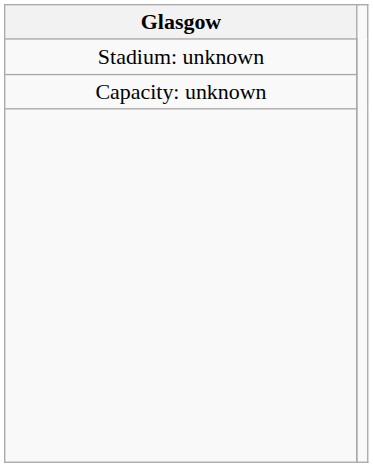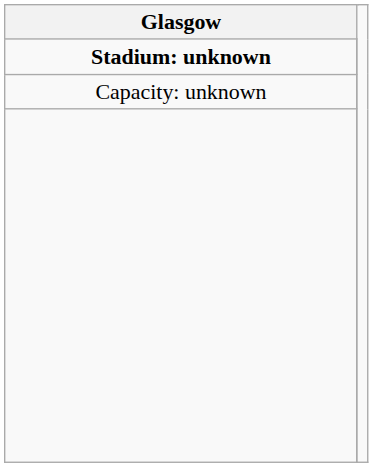 <table class="wikitable" style="text-align:center">
 <tr>
 <th colspan="2">Glasgow</th>
 <td rowspan=4></td>
 </tr>
 <tr>
-<td>Stadium: unknown</td>
+<td><strong>Stadium: unknown</strong></td>
 </tr>
 <tr>
 <td>Capacity: unknown</td>
 </tr>
 <tr>
 <td height=250px width=250px></td>
 </tr>
 </table>
